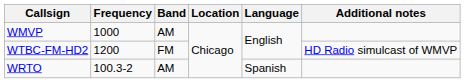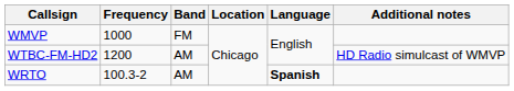 <table class="wikitable">
 <tr>
 <th>Callsign</th>
 <th>Frequency</th>
 <th>Band</th>
 <th>Location</th>
 <th>Language</th>
 <th>Additional notes</th>
 </tr>
 <tr>
 <td><a href='#'>WMVP</a></td>
 <td>1000</td>
-<td>AM</td>
+<td>FM</td>
 <td rowspan="3">Chicago</td>
 <td rowspan="2">English</td>
 <td></td>
 </tr>
 <tr>
 <td><a href='#'>WTBC-FM-HD2</a></td>
 <td>1200</td>
-<td>FM</td>
+<td>AM</td>
 <td><a href='#'>HD Radio</a> simulcast of WMVP</td>
 </tr>
 <tr>
 <td><a href='#'>WRTO</a></td>
 <td>100.3-2</td>
 <td>AM</td>
-<td>Spanish</td>
+<td><strong>Spanish</strong></td>
 <td></td>
 </tr>
 </table>
